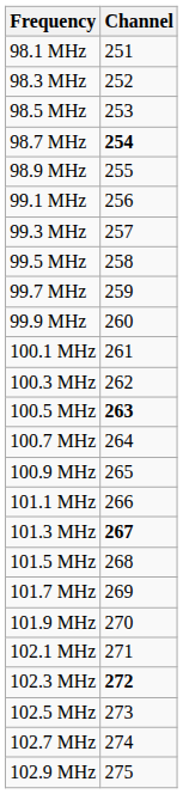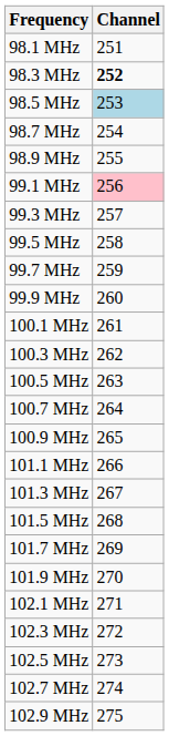 <table class="wikitable" style="display:inline-table">
 <tr>
 <th>Frequency</th>
 <th>Channel</th>
 </tr>
 <tr>
 <td>98.1 MHz</td>
 <td>251</td>
 </tr>
 <tr>
 <td>98.3 MHz</td>
-<td>252</td>
+<td><strong>252</strong></td>
 </tr>
 <tr>
 <td>98.5 MHz</td>
-<td>253</td>
+<td style="background: lightblue;">253</td>
 </tr>
 <tr>
 <td>98.7 MHz</td>
-<td><strong>254</strong></td>
+<td>254</td>
 </tr>
 <tr>
 <td>98.9 MHz</td>
 <td>255</td>
 </tr>
 <tr>
 <td>99.1 MHz</td>
-<td>256</td>
+<td style="background: pink;">256</td>
 </tr>
 <tr>
 <td>99.3 MHz</td>
 <td>257</td>
 </tr>
 <tr>
 <td>99.5 MHz</td>
 <td>258</td>
 </tr>
 <tr>
 <td>99.7 MHz</td>
 <td>259</td>
 </tr>
 <tr>
 <td>99.9 MHz</td>
 <td>260</td>
 </tr>
 <tr>
 <td>100.1 MHz</td>
 <td>261</td>
 </tr>
 <tr>
 <td>100.3 MHz</td>
 <td>262</td>
 </tr>
 <tr>
 <td>100.5 MHz</td>
-<td><strong>263</strong></td>
+<td>263</td>
 </tr>
 <tr>
 <td>100.7 MHz</td>
 <td>264</td>
 </tr>
 <tr>
 <td>100.9 MHz</td>
 <td>265</td>
 </tr>
 <tr>
 <td>101.1 MHz</td>
 <td>266</td>
 </tr>
 <tr>
 <td>101.3 MHz</td>
-<td><strong>267</strong></td>
+<td>267</td>
 </tr>
 <tr>
 <td>101.5 MHz</td>
 <td>268</td>
 </tr>
 <tr>
 <td>101.7 MHz</td>
 <td>269</td>
 </tr>
 <tr>
 <td>101.9 MHz</td>
 <td>270</td>
 </tr>
 <tr>
 <td>102.1 MHz</td>
 <td>271</td>
 </tr>
 <tr>
 <td>102.3 MHz</td>
-<td><strong>272</strong></td>
+<td>272</td>
 </tr>
 <tr>
 <td>102.5 MHz</td>
 <td>273</td>
 </tr>
 <tr>
 <td>102.7 MHz</td>
 <td>274</td>
 </tr>
 <tr>
 <td>102.9 MHz</td>
 <td>275</td>
 </tr>
 </table>
